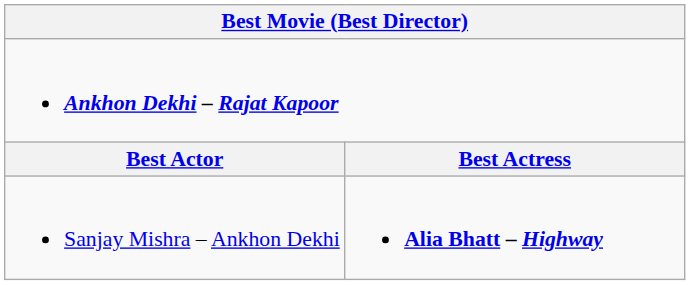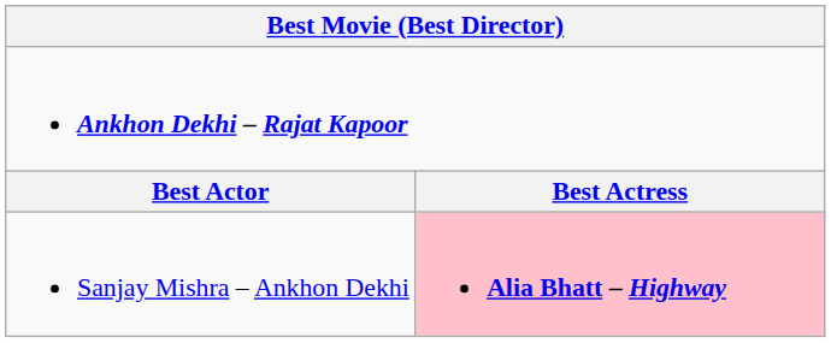 <table class="wikitable">
 <tr>
 <th colspan=2><a href='#'>Best Movie (Best Director)</a></th>
 </tr>
 <tr>
 <td colspan=2><br><ul><li><strong><em><a href='#'>Ankhon Dekhi</a><em> – <a href='#'>Rajat Kapoor</a><strong></li></ul></td>
 </tr>
 <tr>
 <th style="vertical-align:top; width:50%;"><a href='#'>Best Actor</a></th>
 <th style="vertical-align:top; width:50%;"><a href='#'>Best Actress</a></th>
 </tr>
 <tr>
 <td><br><ul><li></strong><a href='#'>Sanjay Mishra</a> – </em><a href='#'>Ankhon Dekhi</a></em></strong></li></ul></td>
-<td><br><ul><li><strong><a href='#'>Alia Bhatt</a> – <em><a href='#'>Highway</a><strong><em></li></ul></td>
+<td style="background: pink;"><br><ul><li><strong><a href='#'>Alia Bhatt</a> – <em><a href='#'>Highway</a><strong><em></li></ul></td>
 </tr>
 </table>
